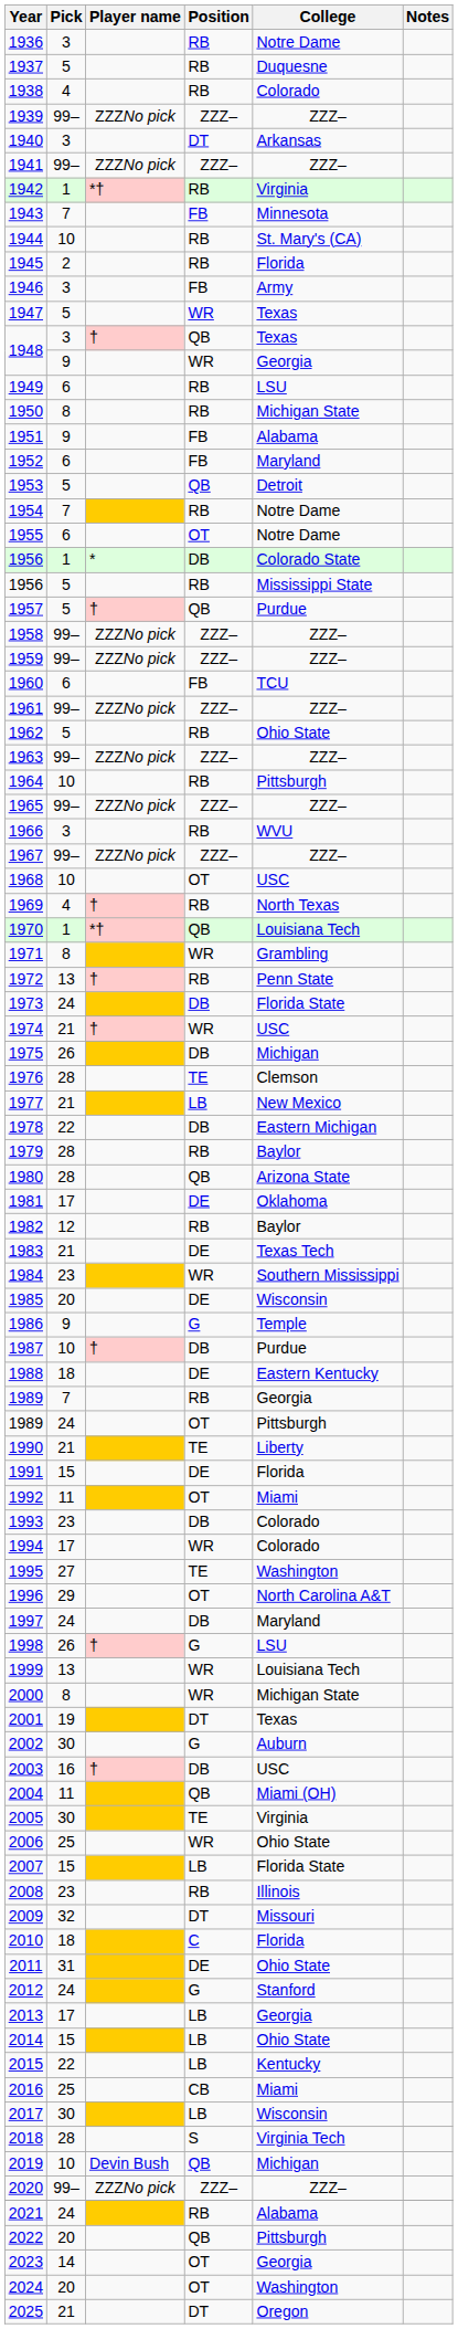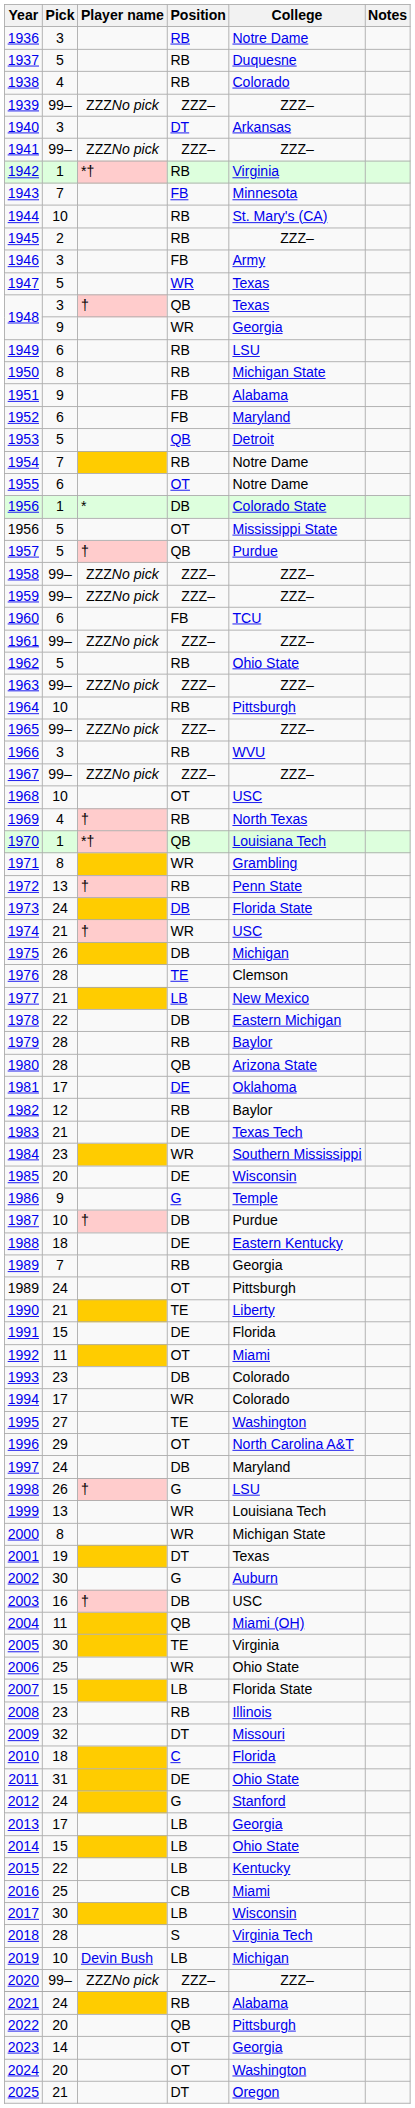 <table class="wikitable sortable">
 <tr>
 <th scope=col>Year</th>
 <th scope=col>Pick</th>
 <th scope=col>Player name</th>
 <th scope=col>Position</th>
 <th scope=col>College</th>
 <th scope=col>Notes</th>
 </tr>
 <tr>
 <td align="center"><a href='#'>1936</a></td>
 <td align="center">3</td>
 <td></td>
 <td><a href='#'>RB</a></td>
 <td><a href='#'>Notre Dame</a></td>
 <td></td>
 </tr>
 <tr>
 <td align="center"><a href='#'>1937</a></td>
 <td align="center">5</td>
 <td></td>
 <td>RB</td>
 <td><a href='#'>Duquesne</a></td>
 <td></td>
 </tr>
 <tr>
 <td align="center"><a href='#'>1938</a></td>
 <td align="center">4</td>
 <td></td>
 <td>RB</td>
 <td><a href='#'>Colorado</a></td>
 <td></td>
 </tr>
 <tr>
 <td align="center"><a href='#'>1939</a></td>
 <td align="center"><span>99</span>–</td>
 <td align="center"><span>ZZZ</span><em>No pick</em></td>
 <td align="center"><span>ZZZ</span>–</td>
 <td align="center"><span>ZZZ</span>–</td>
 <td align="center"></td>
 </tr>
 <tr>
 <td align="center"><a href='#'>1940</a></td>
 <td align="center">3</td>
 <td></td>
 <td><a href='#'>DT</a></td>
 <td><a href='#'>Arkansas</a></td>
 <td></td>
 </tr>
 <tr>
 <td align="center"><a href='#'>1941</a></td>
 <td align="center"><span>99</span>–</td>
 <td align="center"><span>ZZZ</span><em>No pick</em></td>
 <td align="center"><span>ZZZ</span>–</td>
 <td align="center"><span>ZZZ</span>–</td>
 <td align="center"></td>
 </tr>
 <tr bgcolor="#DDFFDD">
 <td align="center"><a href='#'>1942</a></td>
 <td align="center">1</td>
 <td bgcolor="#FFCCCC">*†</td>
 <td>RB</td>
 <td><a href='#'>Virginia</a></td>
 <td></td>
 </tr>
 <tr>
 <td align="center"><a href='#'>1943</a></td>
 <td align="center">7</td>
 <td></td>
 <td><a href='#'>FB</a></td>
 <td><a href='#'>Minnesota</a></td>
 <td></td>
 </tr>
 <tr>
 <td align="center"><a href='#'>1944</a></td>
 <td align="center">10</td>
 <td></td>
 <td>RB</td>
 <td><a href='#'>St. Mary's (CA)</a></td>
 <td></td>
 </tr>
 <tr>
 <td align="center"><a href='#'>1945</a></td>
 <td align="center">2</td>
 <td></td>
 <td>RB</td>
-<td><a href='#'>Florida</a></td>
+<td align="center"><span>ZZZ</span>–</td>
 <td></td>
 </tr>
 <tr>
 <td align="center"><a href='#'>1946</a></td>
 <td align="center">3</td>
 <td></td>
 <td>FB</td>
 <td><a href='#'>Army</a></td>
 <td></td>
 </tr>
 <tr>
 <td align="center"><a href='#'>1947</a></td>
 <td align="center">5</td>
 <td></td>
 <td><a href='#'>WR</a></td>
 <td><a href='#'>Texas</a></td>
 <td></td>
 </tr>
 <tr>
 <td rowspan=2 align="center"><a href='#'>1948</a></td>
 <td align="center">3</td>
 <td bgcolor="#FFCCCC">†</td>
 <td>QB</td>
 <td><a href='#'>Texas</a></td>
 <td align="center"></td>
 </tr>
 <tr>
 <td align="center">9</td>
 <td></td>
 <td>WR</td>
 <td><a href='#'>Georgia</a></td>
 <td></td>
 </tr>
 <tr>
 <td align="center"><a href='#'>1949</a></td>
 <td align="center">6</td>
 <td></td>
 <td>RB</td>
 <td><a href='#'>LSU</a></td>
 <td></td>
 </tr>
 <tr>
 <td align="center"><a href='#'>1950</a></td>
 <td align="center">8</td>
 <td></td>
 <td>RB</td>
 <td><a href='#'>Michigan State</a></td>
 <td></td>
 </tr>
 <tr>
 <td align="center"><a href='#'>1951</a></td>
 <td align="center">9</td>
 <td></td>
 <td>FB</td>
 <td><a href='#'>Alabama</a></td>
 <td></td>
 </tr>
 <tr>
 <td align="center"><a href='#'>1952</a></td>
 <td align="center">6</td>
 <td></td>
 <td>FB</td>
 <td><a href='#'>Maryland</a></td>
 <td></td>
 </tr>
 <tr>
 <td align="center"><a href='#'>1953</a></td>
 <td align="center">5</td>
 <td></td>
 <td><a href='#'>QB</a></td>
 <td><a href='#'>Detroit</a></td>
 <td></td>
 </tr>
 <tr>
 <td align="center"><a href='#'>1954</a></td>
 <td align="center">7</td>
 <td bgcolor="FFCC00"></td>
 <td>RB</td>
 <td>Notre Dame</td>
 <td></td>
 </tr>
 <tr>
 <td align="center"><a href='#'>1955</a></td>
 <td align="center">6</td>
 <td></td>
 <td><a href='#'>OT</a></td>
 <td>Notre Dame</td>
 <td></td>
 </tr>
 <tr bgcolor="#DDFFDD">
 <td align="center"><a href='#'>1956</a></td>
 <td align="center">1</td>
 <td>*</td>
 <td>DB</td>
 <td><a href='#'>Colorado State</a></td>
 <td align="center"></td>
 </tr>
 <tr>
 <td align="center">1956</td>
 <td align="center">5</td>
 <td></td>
-<td>RB</td>
+<td>OT</td>
 <td><a href='#'>Mississippi State</a></td>
 <td></td>
 </tr>
 <tr>
 <td align="center"><a href='#'>1957</a></td>
 <td align="center">5</td>
 <td bgcolor="#FFCCCC">†</td>
 <td>QB</td>
 <td><a href='#'>Purdue</a></td>
 <td></td>
 </tr>
 <tr>
 <td align="center"><a href='#'>1958</a></td>
 <td align="center"><span>99</span>–</td>
 <td align="center"><span>ZZZ</span><em>No pick</em></td>
 <td align="center"><span>ZZZ</span>–</td>
 <td align="center"><span>ZZZ</span>–</td>
 <td align="center"></td>
 </tr>
 <tr>
 <td align="center"><a href='#'>1959</a></td>
 <td align="center"><span>99</span>–</td>
 <td align="center"><span>ZZZ</span><em>No pick</em></td>
 <td align="center"><span>ZZZ</span>–</td>
 <td align="center"><span>ZZZ</span>–</td>
 <td align="center"></td>
 </tr>
 <tr>
 <td align="center"><a href='#'>1960</a></td>
 <td align="center">6</td>
 <td></td>
 <td>FB</td>
 <td><a href='#'>TCU</a></td>
 <td></td>
 </tr>
 <tr>
 <td align="center"><a href='#'>1961</a></td>
 <td align="center"><span>99</span>–</td>
 <td align="center"><span>ZZZ</span><em>No pick</em></td>
 <td align="center"><span>ZZZ</span>–</td>
 <td align="center"><span>ZZZ</span>–</td>
 <td align="center"></td>
 </tr>
 <tr>
 <td align="center"><a href='#'>1962</a></td>
 <td align="center">5</td>
 <td></td>
 <td>RB</td>
 <td><a href='#'>Ohio State</a></td>
 <td></td>
 </tr>
 <tr>
 <td align="center"><a href='#'>1963</a></td>
 <td align="center"><span>99</span>–</td>
 <td align="center"><span>ZZZ</span><em>No pick</em></td>
 <td align="center"><span>ZZZ</span>–</td>
 <td align="center"><span>ZZZ</span>–</td>
 <td align="center"></td>
 </tr>
 <tr>
 <td align="center"><a href='#'>1964</a></td>
 <td align="center">10</td>
 <td></td>
 <td>RB</td>
 <td><a href='#'>Pittsburgh</a></td>
 <td></td>
 </tr>
 <tr>
 <td align="center"><a href='#'>1965</a></td>
 <td align="center"><span>99</span>–</td>
 <td align="center"><span>ZZZ</span><em>No pick</em></td>
 <td align="center"><span>ZZZ</span>–</td>
 <td align="center"><span>ZZZ</span>–</td>
 <td align="center"></td>
 </tr>
 <tr>
 <td align="center"><a href='#'>1966</a></td>
 <td align="center">3</td>
 <td></td>
 <td>RB</td>
 <td><a href='#'>WVU</a></td>
 <td></td>
 </tr>
 <tr>
 <td align="center"><a href='#'>1967</a></td>
 <td align="center"><span>99</span>–</td>
 <td align="center"><span>ZZZ</span><em>No pick</em></td>
 <td align="center"><span>ZZZ</span>–</td>
 <td align="center"><span>ZZZ</span>–</td>
 <td align="center"></td>
 </tr>
 <tr>
 <td align="center"><a href='#'>1968</a></td>
 <td align="center">10</td>
 <td></td>
 <td>OT</td>
 <td><a href='#'>USC</a></td>
 <td></td>
 </tr>
 <tr>
 <td align="center"><a href='#'>1969</a></td>
 <td align="center">4</td>
 <td bgcolor="#FFCCCC">†</td>
 <td>RB</td>
 <td><a href='#'>North Texas</a></td>
 <td></td>
 </tr>
 <tr bgcolor="#DDFFDD">
 <td align="center"><a href='#'>1970</a></td>
 <td align="center">1</td>
 <td bgcolor="#FFCCCC">*†</td>
 <td>QB</td>
 <td><a href='#'>Louisiana Tech</a></td>
 <td></td>
 </tr>
 <tr>
 <td align="center"><a href='#'>1971</a></td>
 <td align="center">8</td>
 <td bgcolor="FFCC00"></td>
 <td>WR</td>
 <td><a href='#'>Grambling</a></td>
 <td></td>
 </tr>
 <tr>
 <td align="center"><a href='#'>1972</a></td>
 <td align="center">13</td>
 <td bgcolor="#FFCCCC">†</td>
 <td>RB</td>
 <td><a href='#'>Penn State</a></td>
 <td></td>
 </tr>
 <tr>
 <td align="center"><a href='#'>1973</a></td>
 <td align="center">24</td>
 <td bgcolor="FFCC00"></td>
 <td><a href='#'>DB</a></td>
 <td><a href='#'>Florida State</a></td>
 <td></td>
 </tr>
 <tr>
 <td align="center"><a href='#'>1974</a></td>
 <td align="center">21</td>
 <td bgcolor="#FFCCCC">†</td>
 <td>WR</td>
 <td><a href='#'>USC</a></td>
 <td></td>
 </tr>
 <tr>
 <td align="center"><a href='#'>1975</a></td>
 <td align="center">26</td>
 <td bgcolor="FFCC00"></td>
 <td>DB</td>
 <td><a href='#'>Michigan</a></td>
 <td></td>
 </tr>
 <tr>
 <td align="center"><a href='#'>1976</a></td>
 <td align="center">28</td>
 <td></td>
 <td><a href='#'>TE</a></td>
 <td>Clemson</td>
 <td></td>
 </tr>
 <tr>
 <td align="center"><a href='#'>1977</a></td>
 <td align="center">21</td>
 <td bgcolor="FFCC00"></td>
 <td><a href='#'>LB</a></td>
 <td><a href='#'>New Mexico</a></td>
 <td></td>
 </tr>
 <tr>
 <td align="center"><a href='#'>1978</a></td>
 <td align="center">22</td>
 <td></td>
 <td>DB</td>
 <td><a href='#'>Eastern Michigan</a></td>
 <td></td>
 </tr>
 <tr>
 <td align="center"><a href='#'>1979</a></td>
 <td align="center">28</td>
 <td></td>
 <td>RB</td>
 <td><a href='#'>Baylor</a></td>
 <td></td>
 </tr>
 <tr>
 <td align="center"><a href='#'>1980</a></td>
 <td align="center">28</td>
 <td></td>
 <td>QB</td>
 <td><a href='#'>Arizona State</a></td>
 <td></td>
 </tr>
 <tr>
 <td align="center"><a href='#'>1981</a></td>
 <td align="center">17</td>
 <td></td>
 <td><a href='#'>DE</a></td>
 <td><a href='#'>Oklahoma</a></td>
 <td></td>
 </tr>
 <tr>
 <td align="center"><a href='#'>1982</a></td>
 <td align="center">12</td>
 <td></td>
 <td>RB</td>
 <td>Baylor</td>
 <td></td>
 </tr>
 <tr>
 <td align="center"><a href='#'>1983</a></td>
 <td align="center">21</td>
 <td></td>
 <td>DE</td>
 <td><a href='#'>Texas Tech</a></td>
 <td></td>
 </tr>
 <tr>
 <td align="center"><a href='#'>1984</a></td>
 <td align="center">23</td>
 <td bgcolor="FFCC00"></td>
 <td>WR</td>
 <td><a href='#'>Southern Mississippi</a></td>
 <td></td>
 </tr>
 <tr>
 <td align="center"><a href='#'>1985</a></td>
 <td align="center">20</td>
 <td></td>
 <td>DE</td>
 <td><a href='#'>Wisconsin</a></td>
 <td></td>
 </tr>
 <tr>
 <td align="center"><a href='#'>1986</a></td>
 <td align="center">9</td>
 <td></td>
 <td><a href='#'>G</a></td>
 <td><a href='#'>Temple</a></td>
 <td></td>
 </tr>
 <tr>
 <td align="center"><a href='#'>1987</a></td>
 <td align="center">10</td>
 <td bgcolor="#FFCCCC">†</td>
 <td>DB</td>
 <td>Purdue</td>
 <td></td>
 </tr>
 <tr>
 <td align="center"><a href='#'>1988</a></td>
 <td align="center">18</td>
 <td></td>
 <td>DE</td>
 <td><a href='#'>Eastern Kentucky</a></td>
 <td></td>
 </tr>
 <tr>
 <td align="center"><a href='#'>1989</a></td>
 <td align="center">7</td>
 <td></td>
 <td>RB</td>
 <td>Georgia</td>
 <td></td>
 </tr>
 <tr>
 <td align="center">1989</td>
 <td align="center">24</td>
 <td></td>
 <td>OT</td>
 <td>Pittsburgh</td>
 <td align="center"></td>
 </tr>
 <tr>
 <td align="center"><a href='#'>1990</a></td>
 <td align="center">21</td>
 <td bgcolor="FFCC00"></td>
 <td>TE</td>
 <td><a href='#'>Liberty</a></td>
 <td align="center"></td>
 </tr>
 <tr>
 <td align="center"><a href='#'>1991</a></td>
 <td align="center">15</td>
 <td></td>
 <td>DE</td>
 <td>Florida</td>
 <td></td>
 </tr>
 <tr>
 <td align="center"><a href='#'>1992</a></td>
 <td align="center">11</td>
 <td bgcolor="FFCC00"></td>
 <td>OT</td>
 <td><a href='#'>Miami</a></td>
 <td></td>
 </tr>
 <tr>
 <td align="center"><a href='#'>1993</a></td>
 <td align="center">23</td>
 <td></td>
 <td>DB</td>
 <td>Colorado</td>
 <td></td>
 </tr>
 <tr>
 <td align="center"><a href='#'>1994</a></td>
 <td align="center">17</td>
 <td></td>
 <td>WR</td>
 <td>Colorado</td>
 <td></td>
 </tr>
 <tr>
 <td align="center"><a href='#'>1995</a></td>
 <td align="center">27</td>
 <td></td>
 <td>TE</td>
 <td><a href='#'>Washington</a></td>
 <td></td>
 </tr>
 <tr>
 <td align="center"><a href='#'>1996</a></td>
 <td align="center">29</td>
 <td></td>
 <td>OT</td>
 <td><a href='#'>North Carolina A&T</a></td>
 <td></td>
 </tr>
 <tr>
 <td align="center"><a href='#'>1997</a></td>
 <td align="center">24</td>
 <td></td>
 <td>DB</td>
 <td>Maryland</td>
 <td></td>
 </tr>
 <tr>
 <td align="center"><a href='#'>1998</a></td>
 <td align="center">26</td>
 <td bgcolor="FFCCCC">†</td>
 <td>G</td>
 <td><a href='#'>LSU</a></td>
 <td></td>
 </tr>
 <tr>
 <td align="center"><a href='#'>1999</a></td>
 <td align="center">13</td>
 <td></td>
 <td>WR</td>
 <td>Louisiana Tech</td>
 <td></td>
 </tr>
 <tr>
 <td align="center"><a href='#'>2000</a></td>
 <td align="center">8</td>
 <td></td>
 <td>WR</td>
 <td>Michigan State</td>
 <td></td>
 </tr>
 <tr>
 <td align="center"><a href='#'>2001</a></td>
 <td align="center">19</td>
 <td bgcolor="FFCC00"></td>
 <td>DT</td>
 <td>Texas</td>
 <td align="center"></td>
 </tr>
 <tr>
 <td align="center"><a href='#'>2002</a></td>
 <td align="center">30</td>
 <td></td>
 <td>G</td>
 <td><a href='#'>Auburn</a></td>
 <td></td>
 </tr>
 <tr>
 <td align="center"><a href='#'>2003</a></td>
 <td align="center">16</td>
 <td bgcolor="#FFCCCC">†</td>
 <td>DB</td>
 <td>USC</td>
 <td align="center"></td>
 </tr>
 <tr>
 <td align="center"><a href='#'>2004</a></td>
 <td align="center">11</td>
 <td bgcolor="FFCC00"></td>
 <td>QB</td>
 <td><a href='#'>Miami (OH)</a></td>
 <td></td>
 </tr>
 <tr>
 <td align="center"><a href='#'>2005</a></td>
 <td align="center">30</td>
 <td bgcolor="FFCC00"></td>
 <td>TE</td>
 <td>Virginia</td>
 <td></td>
 </tr>
 <tr>
 <td align="center"><a href='#'>2006</a></td>
 <td align="center">25</td>
 <td></td>
 <td>WR</td>
 <td>Ohio State</td>
 <td align="center"></td>
 </tr>
 <tr>
 <td align="center"><a href='#'>2007</a></td>
 <td align="center">15</td>
 <td bgcolor="FFCC00"></td>
 <td>LB</td>
 <td>Florida State</td>
 <td></td>
 </tr>
 <tr>
 <td align="center"><a href='#'>2008</a></td>
 <td align="center">23</td>
 <td></td>
 <td>RB</td>
 <td><a href='#'>Illinois</a></td>
 <td></td>
 </tr>
 <tr>
 <td align="center"><a href='#'>2009</a></td>
 <td align="center">32</td>
 <td></td>
 <td>DT</td>
 <td><a href='#'>Missouri</a></td>
 <td></td>
 </tr>
 <tr>
 <td align="center"><a href='#'>2010</a></td>
 <td align="center">18</td>
 <td bgcolor="FFCC00"></td>
 <td><a href='#'>C</a></td>
 <td><a href='#'>Florida</a></td>
 <td></td>
 </tr>
 <tr>
 <td align="center"><a href='#'>2011</a></td>
 <td align="center">31</td>
 <td bgcolor="FFCC00"></td>
 <td>DE</td>
 <td><a href='#'>Ohio State</a></td>
 <td></td>
 </tr>
 <tr>
 <td align="center"><a href='#'>2012</a></td>
 <td align="center">24</td>
 <td bgcolor="FFCC00"></td>
 <td>G</td>
 <td><a href='#'>Stanford</a></td>
 <td></td>
 </tr>
 <tr>
 <td align="center"><a href='#'>2013</a></td>
 <td align="center">17</td>
 <td></td>
 <td>LB</td>
 <td><a href='#'>Georgia</a></td>
 <td></td>
 </tr>
 <tr>
 <td align="center"><a href='#'>2014</a></td>
 <td align="center">15</td>
 <td bgcolor="FFCC00"></td>
 <td>LB</td>
 <td><a href='#'>Ohio State</a></td>
 <td></td>
 </tr>
 <tr>
 <td align="center"><a href='#'>2015</a></td>
 <td align="center">22</td>
 <td></td>
 <td>LB</td>
 <td><a href='#'>Kentucky</a></td>
 <td></td>
 </tr>
 <tr>
 <td align="center"><a href='#'>2016</a></td>
 <td align="center">25</td>
 <td></td>
 <td>CB</td>
 <td><a href='#'>Miami</a></td>
 <td></td>
 </tr>
 <tr>
 <td align="center"><a href='#'>2017</a></td>
 <td align="center">30</td>
 <td bgcolor="FFCC00"></td>
 <td>LB</td>
 <td><a href='#'>Wisconsin</a></td>
 <td></td>
 </tr>
 <tr>
 <td align="center"><a href='#'>2018</a></td>
 <td align="center">28</td>
 <td></td>
 <td>S</td>
 <td><a href='#'>Virginia Tech</a></td>
 <td></td>
 </tr>
 <tr>
 <td align="center"><a href='#'>2019</a></td>
 <td align="center">10</td>
 <td><a href='#'>Devin Bush</a></td>
-<td><a href='#'>QB</a></td>
+<td>LB</td>
 <td><a href='#'>Michigan</a></td>
 <td></td>
 </tr>
 <tr>
 <td align="center"><a href='#'>2020</a></td>
 <td align="center"><span>99</span>–</td>
 <td align="center"><span>ZZZ</span><em>No pick</em></td>
 <td align="center"><span>ZZZ</span>–</td>
 <td align="center"><span>ZZZ</span>–</td>
 <td align="center"></td>
 </tr>
 <tr>
 </tr>
 <tr>
 <td align="center"><a href='#'>2021</a></td>
 <td align="center">24</td>
 <td bgcolor="FFCC00"></td>
 <td>RB</td>
 <td><a href='#'>Alabama</a></td>
 <td></td>
 </tr>
 <tr>
 <td align="center"><a href='#'>2022</a></td>
 <td align="center">20</td>
 <td></td>
 <td>QB</td>
 <td><a href='#'>Pittsburgh</a></td>
 <td></td>
 </tr>
 <tr>
 <td align="center"><a href='#'>2023</a></td>
 <td align="center">14</td>
 <td></td>
 <td>OT</td>
 <td><a href='#'>Georgia</a></td>
 <td></td>
 </tr>
 <tr>
 <td align="center"><a href='#'>2024</a></td>
 <td align="center">20</td>
 <td></td>
 <td>OT</td>
 <td><a href='#'>Washington</a></td>
 <td></td>
 </tr>
 <tr>
 <td align="center"><a href='#'>2025</a></td>
 <td align="center">21</td>
 <td></td>
 <td>DT</td>
 <td><a href='#'>Oregon</a></td>
 <td></td>
 </tr>
 </table>
